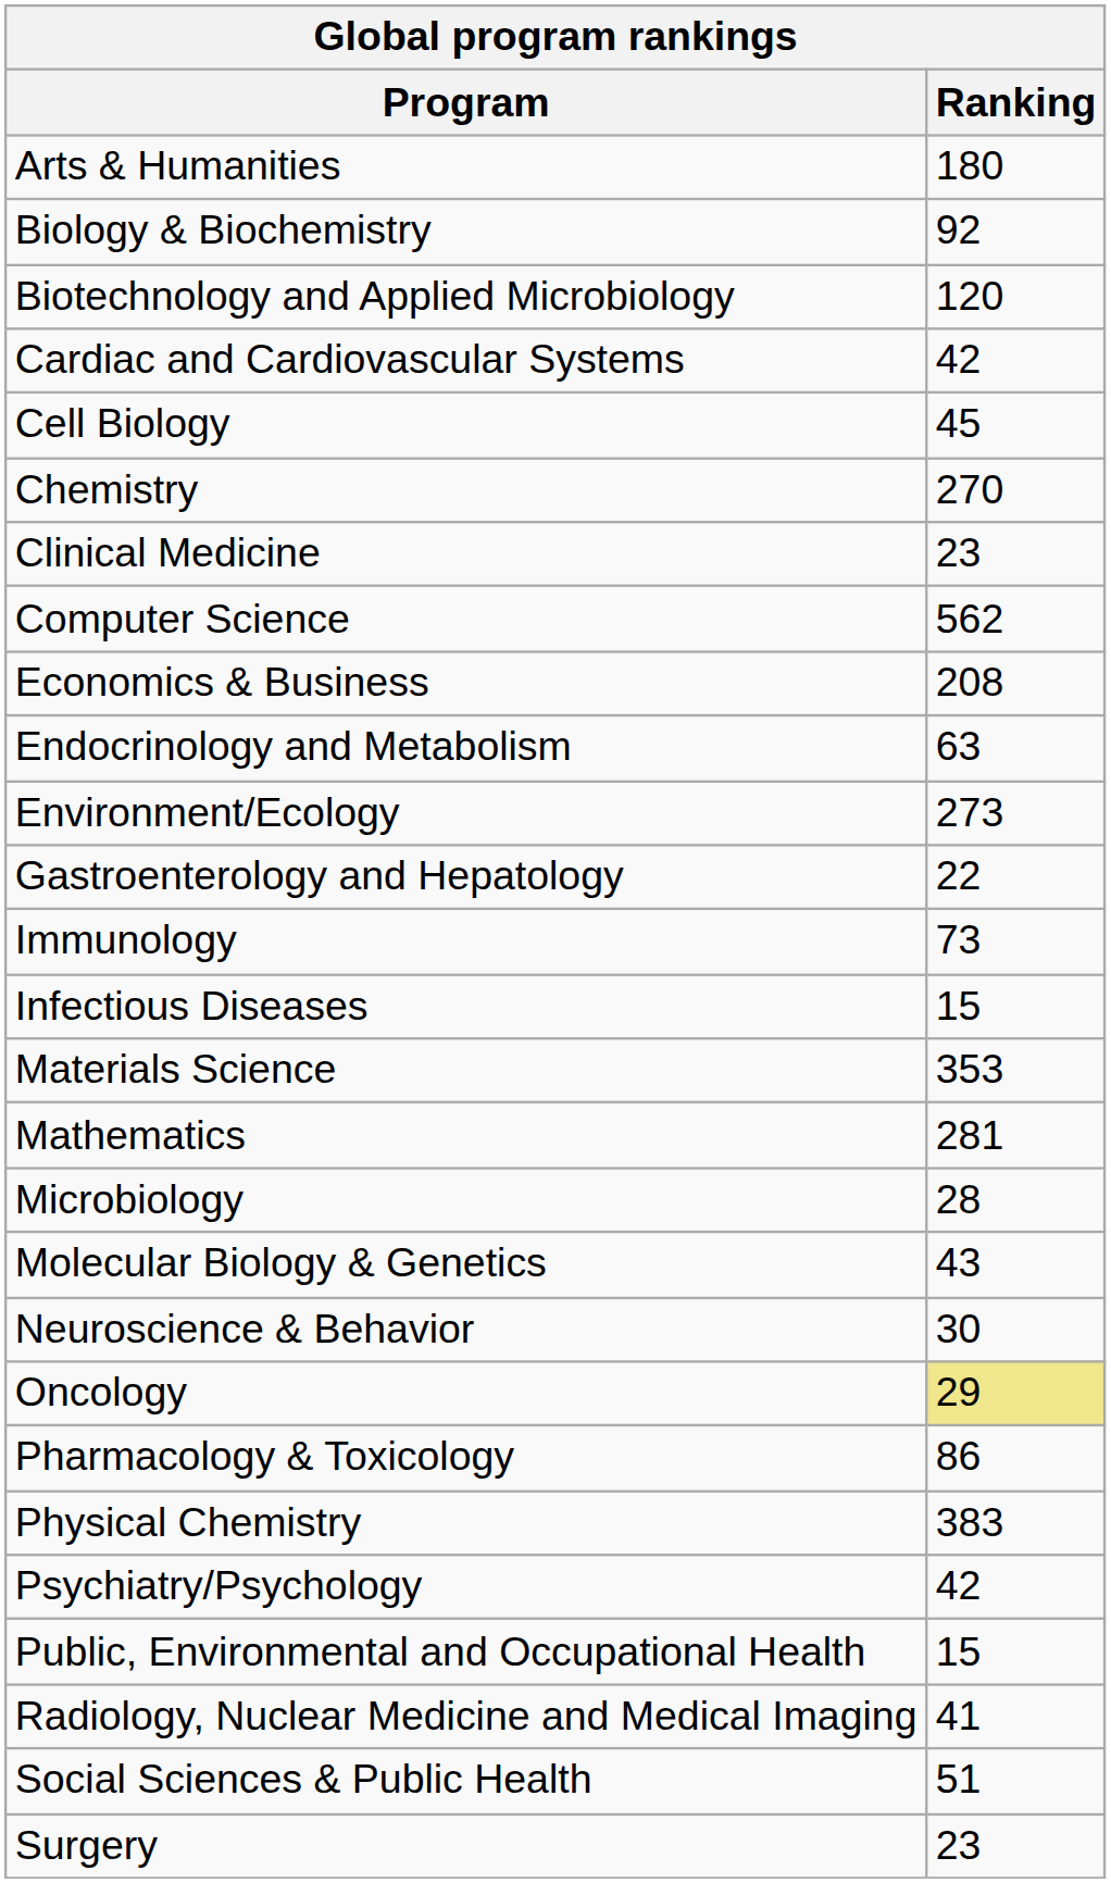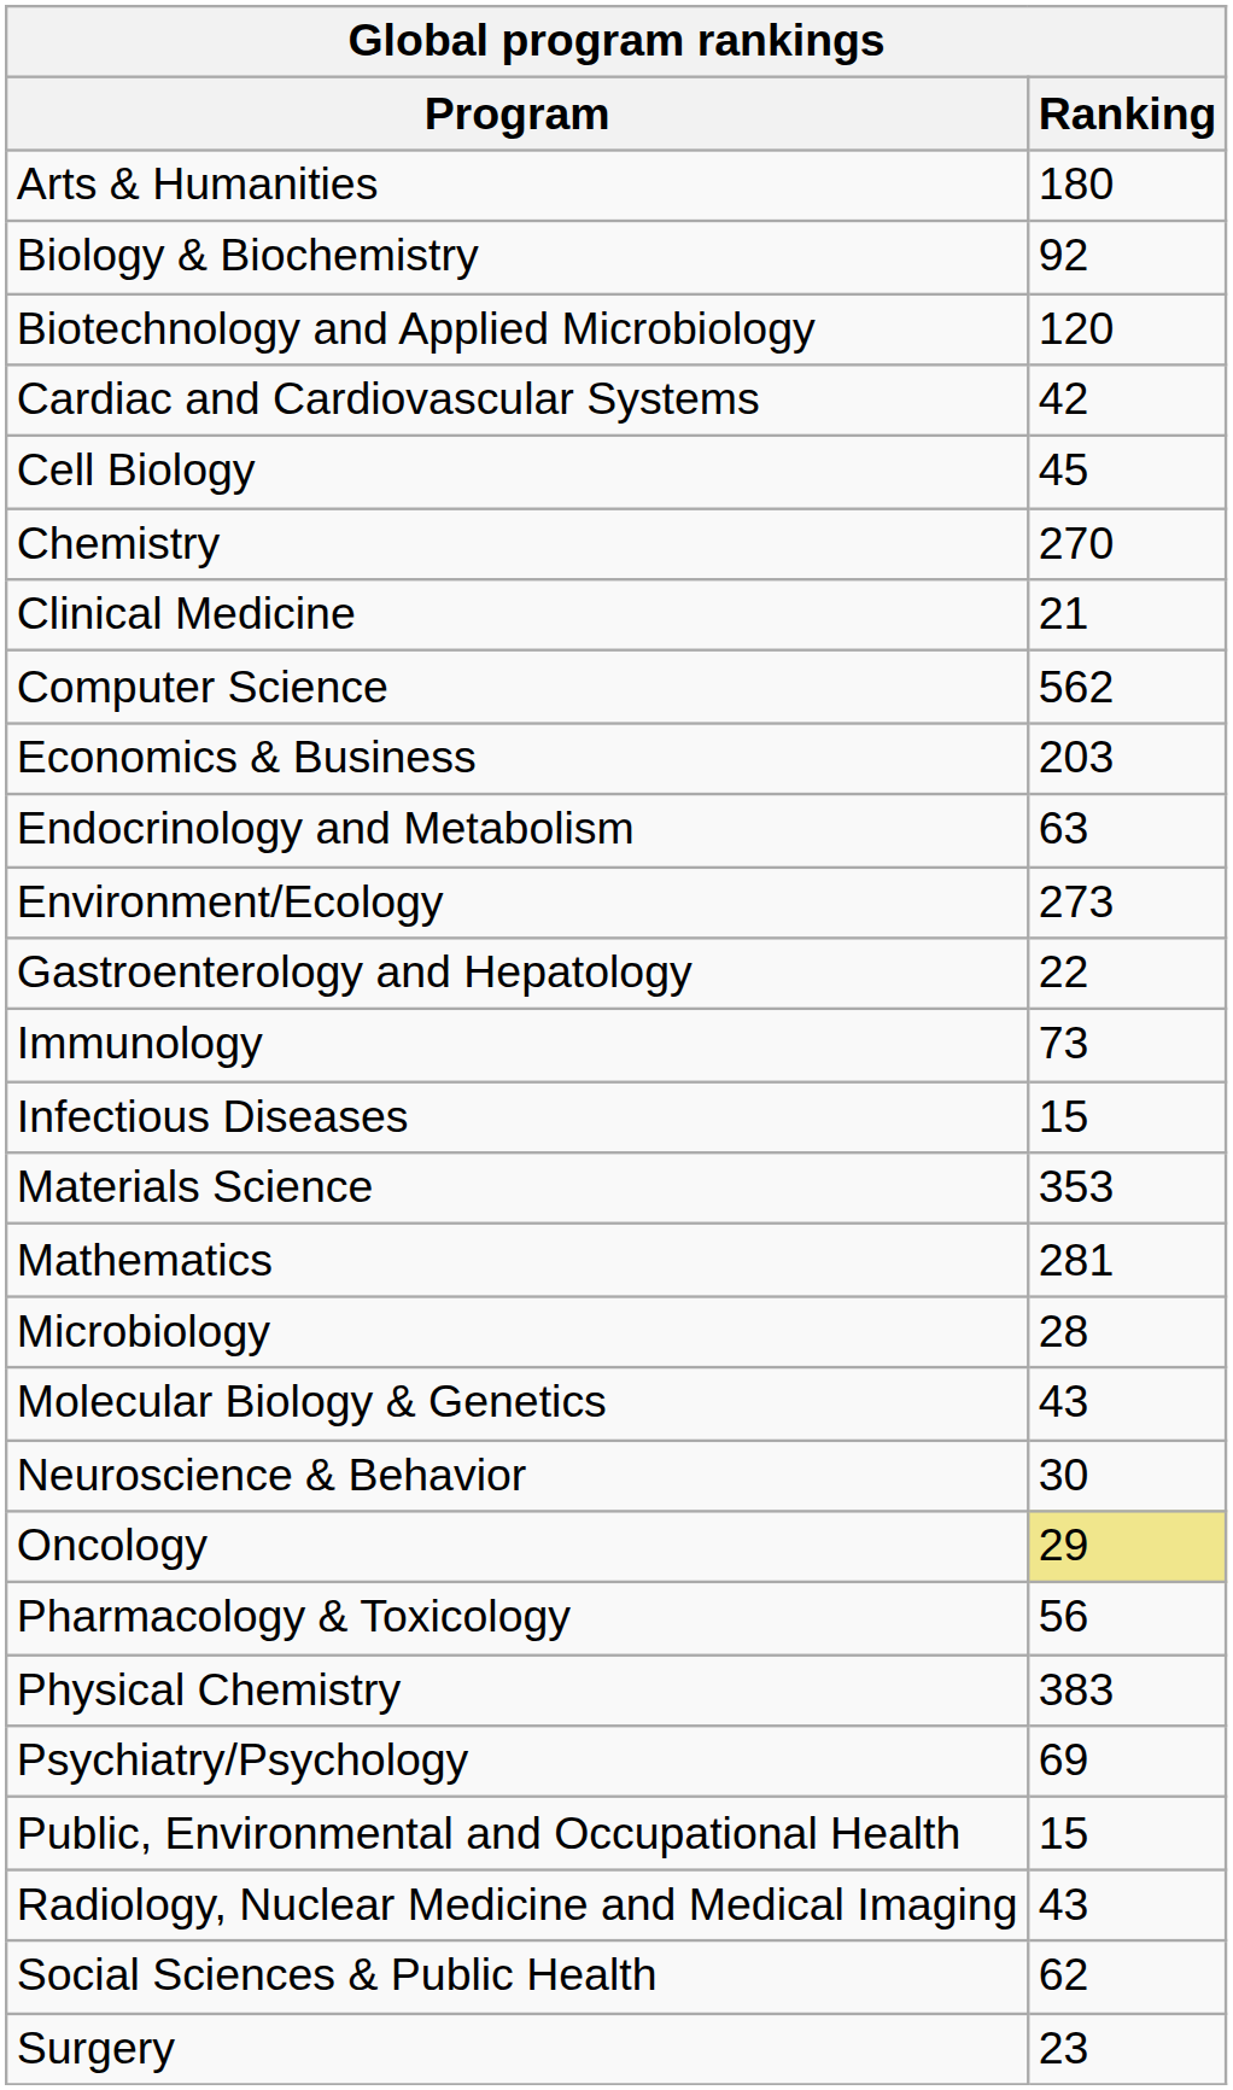 <table class="wikitable sortable collapsible collapsed floatright" "text-align:center">
 <tr>
 <th colspan=4>Global program rankings</th>
 </tr>
 <tr>
 <th>Program</th>
 <th>Ranking</th>
 </tr>
 <tr>
 <td>Arts & Humanities</td>
 <td>180</td>
 </tr>
 <tr>
 <td>Biology & Biochemistry</td>
 <td>92</td>
 </tr>
 <tr>
 <td>Biotechnology and Applied Microbiology</td>
 <td>120</td>
 </tr>
 <tr>
 <td>Cardiac and Cardiovascular Systems</td>
 <td>42</td>
 </tr>
 <tr>
 <td>Cell Biology</td>
 <td>45</td>
 </tr>
 <tr>
 <td>Chemistry</td>
 <td>270</td>
 </tr>
 <tr>
 <td>Clinical Medicine</td>
-<td>23</td>
+<td>21</td>
 </tr>
 <tr>
 <td>Computer Science</td>
 <td>562</td>
 </tr>
 <tr>
 <td>Economics & Business</td>
-<td>208</td>
+<td>203</td>
 </tr>
 <tr>
 <td>Endocrinology and Metabolism</td>
 <td>63</td>
 </tr>
 <tr>
 <td>Environment/Ecology</td>
 <td>273</td>
 </tr>
 <tr>
 <td>Gastroenterology and Hepatology</td>
 <td>22</td>
 </tr>
 <tr>
 <td>Immunology</td>
 <td>73</td>
 </tr>
 <tr>
 <td>Infectious Diseases</td>
 <td>15</td>
 </tr>
 <tr>
 <td>Materials Science</td>
 <td>353</td>
 </tr>
 <tr>
 <td>Mathematics</td>
 <td>281</td>
 </tr>
 <tr>
 <td>Microbiology</td>
 <td>28</td>
 </tr>
 <tr>
 <td>Molecular Biology & Genetics</td>
 <td>43</td>
 </tr>
 <tr>
 <td>Neuroscience & Behavior</td>
 <td>30</td>
 </tr>
 <tr>
 <td>Oncology</td>
 <td style="background: khaki;">29</td>
 </tr>
 <tr>
 <td>Pharmacology & Toxicology</td>
-<td>86</td>
+<td>56</td>
 </tr>
 <tr>
 <td>Physical Chemistry</td>
 <td>383</td>
 </tr>
 <tr>
 <td>Psychiatry/Psychology</td>
-<td>42</td>
+<td>69</td>
 </tr>
 <tr>
 <td>Public, Environmental and Occupational Health</td>
 <td>15</td>
 </tr>
 <tr>
 <td>Radiology, Nuclear Medicine and Medical Imaging</td>
-<td>41</td>
+<td>43</td>
 </tr>
 <tr>
 <td>Social Sciences & Public Health</td>
-<td>51</td>
+<td>62</td>
 </tr>
 <tr>
 <td>Surgery</td>
 <td>23</td>
 </tr>
 </table>
